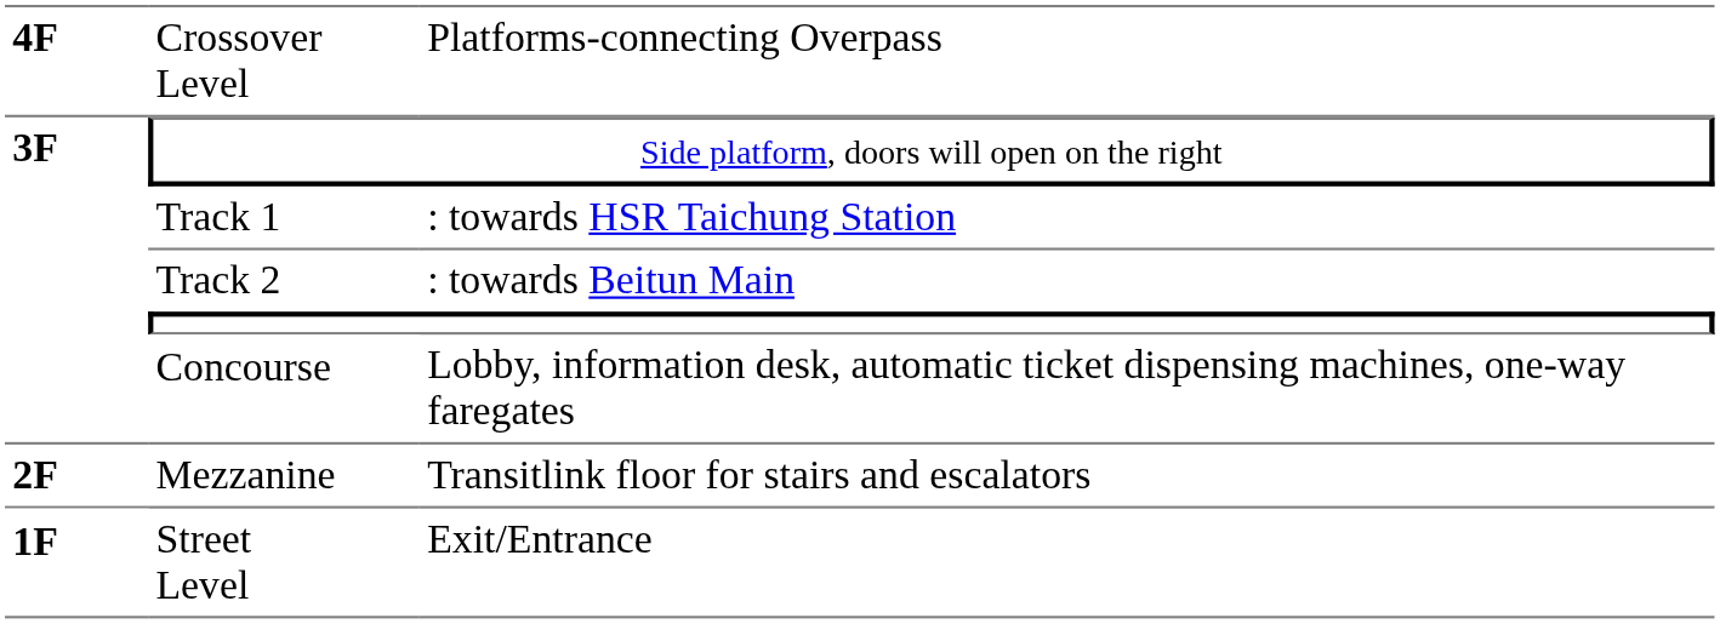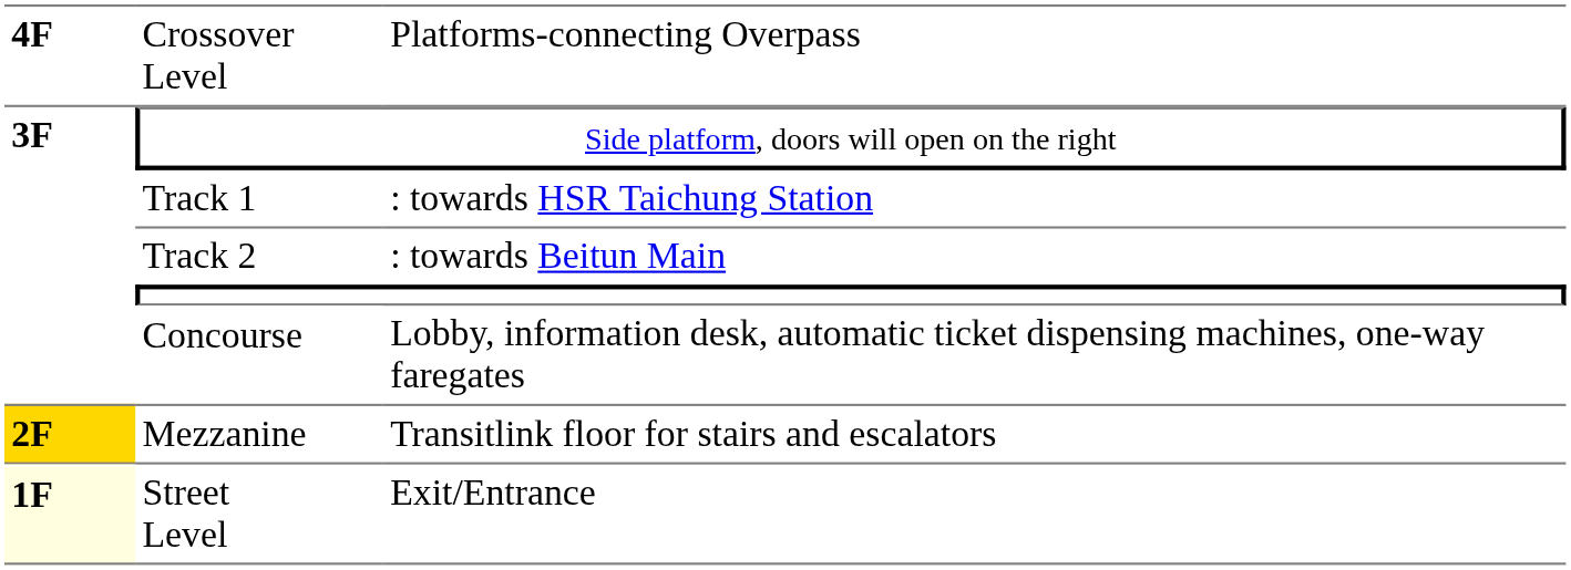 <table table border=0 cellspacing=0 cellpadding=3>
 <tr>
 <td style="border-bottom:solid 1px gray;border-top:solid 1px gray;" width=50 valign=top><strong>4F</strong></td>
 <td style="border-top:solid 1px gray;border-bottom:solid 1px gray;" width=100 valign=top>Crossover<br>Level</td>
 <td style="border-top:solid 1px gray;border-bottom:solid 1px gray;" width=500 valign=top>Platforms-connecting Overpass</td>
 </tr>
 <tr>
 <td width=50 rowspan=7 valign=top><strong>3F</strong></td>
 </tr>
 <tr>
 <td style="border-right:solid 2px black;border-left:solid 2px black;border-bottom:solid 2px black;border-top:solid 1px gray;text-align:center;" colspan=2><small><a href='#'>Side platform</a>, doors will open on the right</small></td>
 </tr>
 <tr>
 <td style="border-bottom:solid 1px gray;" width=100><span>Track 1</span></td>
 <td style="border-bottom:solid 1px gray;" width=390>  : towards <a href='#'>HSR Taichung Station</a> </td>
 </tr>
 <tr>
 <td style="border-bottom:solid 0px gray;" width=100><span>Track 2</span></td>
 <td style="border-bottom:solid 0px gray;" width=390>  : towards <a href='#'>Beitun Main</a> </td>
 </tr>
 <tr>
 <td style="border-top:solid 2px black;border-right:solid 2px black;border-left:solid 2px black;border-bottom:solid 1px gray;" colspan=2 align=center></td>
 </tr>
 <tr>
 <td style="border-top:solid 1px white;" rowspan=2 valign=top>Concourse</td>
 </tr>
 <tr>
 <td>Lobby, information desk, automatic ticket dispensing machines, one-way faregates</td>
 </tr>
 <tr>
-<td style="border-bottom:solid 1px gray;border-top:solid 1px gray;" width=50 valign=top><strong>2F</strong></td>
+<td style="background: gold; border-bottom:solid 1px gray;border-top:solid 1px gray;" width=50 valign=top><strong>2F</strong></td>
 <td style="border-top:solid 1px gray;border-bottom:solid 1px gray;" width=100 valign=top>Mezzanine</td>
 <td style="border-top:solid 1px gray;border-bottom:solid 1px gray;" width=400 valign=top>Transitlink floor for stairs and escalators</td>
 </tr>
 <tr>
-<td style="border-bottom:solid 1px gray;border-top:solid 1px white;" width=50 valign=top><strong>1F</strong></td>
+<td style="background: lightyellow; border-bottom:solid 1px gray;border-top:solid 1px white;" width=50 valign=top><strong>1F</strong></td>
 <td style="border-top:solid 0px gray;border-bottom:solid 1px gray;" width=100 valign=top>Street<br>Level</td>
 <td style="border-top:solid 0px gray;border-bottom:solid 1px gray;" width=400 valign=top>Exit/Entrance</td>
 </tr>
 <tr>
 </tr>
 </table>
